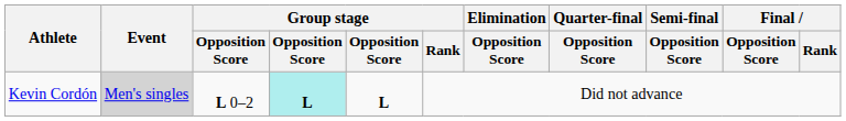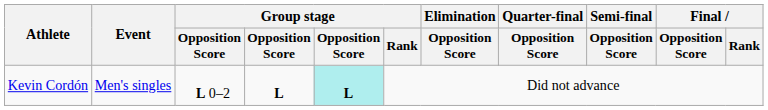 <table class="wikitable" style="font-size:90%">
 <tr>
 <th rowspan="2">Athlete</th>
 <th rowspan="2">Event</th>
 <th colspan="4">Group stage</th>
 <th>Elimination</th>
 <th>Quarter-final</th>
 <th>Semi-final</th>
 <th colspan="2">Final / </th>
 </tr>
 <tr style="font-size:95%">
 <th>Opposition<br>Score</th>
 <th>Opposition<br>Score</th>
 <th>Opposition<br>Score</th>
 <th>Rank</th>
 <th>Opposition<br>Score</th>
 <th>Opposition<br>Score</th>
 <th>Opposition<br>Score</th>
 <th>Opposition<br>Score</th>
 <th>Rank</th>
 </tr>
 <tr align="center">
 <td align="left"><a href='#'>Kevin Cordón</a></td>
-<td align="left" style="background: lightgrey;"><a href='#'>Men's singles</a></td>
+<td align="left"><a href='#'>Men's singles</a></td>
 <td><br><strong> </strong> <strong>L</strong> 0–2</td>
+<td><br><strong>L</strong> </td>
 <td style="background: paleturquoise;"><br><strong>L</strong> </td>
-<td><br><strong>L</strong> </td>
 <td colspan=6>Did not advance</td>
 </tr>
 </table>
